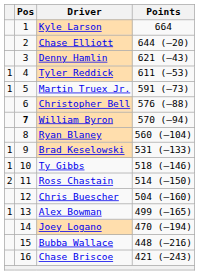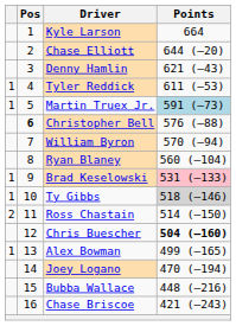 <table class="wikitable" style="font-size: 95%;">
 <tr>
 <th></th>
 <th>Pos</th>
 <th>Driver</th>
 <th>Points</th>
 </tr>
 <tr>
 <td align="left"></td>
 <td style="text-align:center;">1</td>
 <td style="background:#FFDEAD;"><a href='#'>Kyle Larson</a></td>
 <td style="text-align:center;">664</td>
 </tr>
 <tr>
 <td align="left"></td>
 <td style="text-align:center;">2</td>
 <td style="background:#FFDEAD;"><a href='#'>Chase Elliott</a></td>
 <td style="text-align:center;">644 (–20)</td>
 </tr>
 <tr>
 <td align="left"></td>
 <td style="text-align:center;">3</td>
 <td style="background:#FFDEAD;"><a href='#'>Denny Hamlin</a></td>
 <td style="text-align:center;">621 (–43)</td>
 </tr>
 <tr>
 <td align="left"> 1</td>
 <td style="text-align:center;">4</td>
 <td style="background:#FFDEAD;"><a href='#'>Tyler Reddick</a></td>
 <td style="text-align:center;">611 (–53)</td>
 </tr>
 <tr>
 <td align="left"> 1</td>
 <td style="text-align:center;">5</td>
 <td><a href='#'>Martin Truex Jr.</a></td>
-<td style="text-align:center;">591 (–73)</td>
+<td style="background: lightblue; text-align:center;">591 (–73)</td>
 </tr>
 <tr>
 <td align="left"></td>
-<td style="text-align:center;">6</td>
+<td style="text-align:center;"><strong>6</strong></td>
 <td style="background:#FFDEAD;"><a href='#'>Christopher Bell</a></td>
 <td style="text-align:center;">576 (–88)</td>
 </tr>
 <tr>
 <td align="left"></td>
-<td style="text-align:center;"><strong>7</strong></td>
+<td style="text-align:center;">7</td>
 <td style="background:#FFDEAD;"><a href='#'>William Byron</a></td>
 <td style="text-align:center;">570 (–94)</td>
 </tr>
 <tr>
 <td align="left"></td>
 <td style="text-align:center;">8</td>
 <td style="background:#FFDEAD;"><a href='#'>Ryan Blaney</a></td>
 <td style="text-align:center;">560 (–104)</td>
 </tr>
 <tr>
 <td align="left"> 1</td>
 <td style="text-align:center;">9</td>
 <td style="background:#FFDEAD;"><a href='#'>Brad Keselowski</a></td>
-<td style="text-align:center;">531 (–133)</td>
+<td style="background: pink; text-align:center;">531 (–133)</td>
 </tr>
 <tr>
 <td align="left"> 1</td>
 <td style="text-align:center;">10</td>
 <td><a href='#'>Ty Gibbs</a></td>
-<td style="text-align:center;">518 (–146)</td>
+<td style="background: lightgrey; text-align:center;">518 (–146)</td>
 </tr>
 <tr>
 <td align="left"> 2</td>
 <td style="text-align:center;">11</td>
 <td><a href='#'>Ross Chastain</a></td>
 <td style="text-align:center;">514 (–150)</td>
 </tr>
 <tr>
 <td align="left"></td>
 <td style="text-align:center;">12</td>
 <td><a href='#'>Chris Buescher</a></td>
-<td style="text-align:center;">504 (–160)</td>
+<td style="text-align:center;"><strong>504 (–160)</strong></td>
 </tr>
 <tr>
 <td align="left"> 1</td>
 <td style="text-align:center;">13</td>
 <td><a href='#'>Alex Bowman</a></td>
 <td style="text-align:center;">499 (–165)</td>
 </tr>
 <tr>
 <td align="left"></td>
 <td style="text-align:center;">14</td>
 <td style="background:#FFDEAD;"><a href='#'>Joey Logano</a></td>
 <td style="text-align:center;">470 (–194)</td>
 </tr>
 <tr>
 <td align="left"></td>
 <td style="text-align:center;">15</td>
 <td><a href='#'>Bubba Wallace</a></td>
 <td style="text-align:center;">448 (–216)</td>
 </tr>
 <tr>
 <td align="left"></td>
 <td style="text-align:center;">16</td>
 <td><a href='#'>Chase Briscoe</a></td>
 <td style="text-align:center;">421 (–243)</td>
 </tr>
 <tr class="sortbottom">
 <th colspan="9"></th>
 </tr>
 </table>
